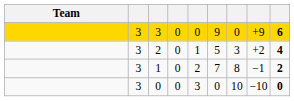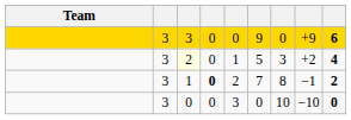 <table class="wikitable" style="text-align:center">
 <tr>
 <th width=165>Team</th>
 <th width=20></th>
 <th width=20></th>
 <th width=20></th>
 <th width=20></th>
 <th width=20></th>
 <th width=20></th>
 <th width=20></th>
 <th width=20></th>
 </tr>
 <tr style="background:gold">
 <td align=left></td>
 <td>3</td>
 <td>3</td>
 <td>0</td>
 <td>0</td>
 <td>9</td>
 <td>0</td>
 <td>+9</td>
 <td><strong>6</strong></td>
 </tr>
 <tr>
 <td align=left></td>
 <td>3</td>
-<td>2</td>
+<td style="background: lightyellow;">2</td>
 <td>0</td>
 <td>1</td>
 <td>5</td>
 <td>3</td>
 <td>+2</td>
 <td><strong>4</strong></td>
 </tr>
 <tr>
 <td align=left></td>
 <td>3</td>
 <td>1</td>
-<td>0</td>
+<td><strong>0</strong></td>
 <td>2</td>
 <td>7</td>
 <td>8</td>
 <td>−1</td>
 <td><strong>2</strong></td>
 </tr>
 <tr>
 <td align=left></td>
 <td>3</td>
 <td>0</td>
 <td>0</td>
 <td>3</td>
 <td>0</td>
 <td>10</td>
 <td>−10</td>
 <td><strong>0</strong></td>
 </tr>
 </table>
